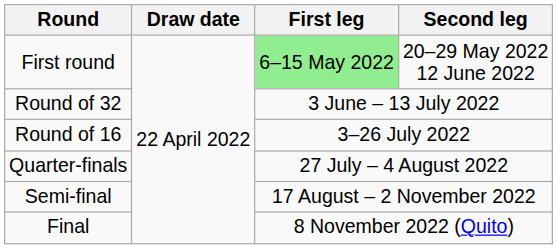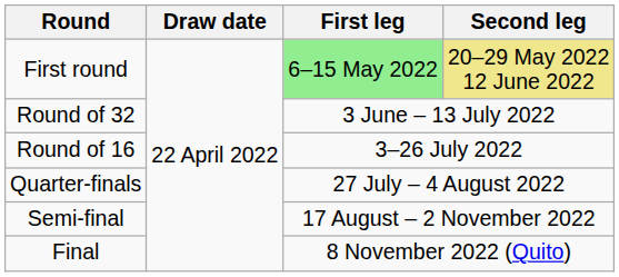 <table class="wikitable" style="text-align:center">
 <tr>
 <th>Round</th>
 <th>Draw date</th>
 <th>First leg</th>
 <th>Second leg</th>
 </tr>
 <tr>
 <td>First round</td>
 <td rowspan=6>22 April 2022</td>
 <td style="background: lightgreen;">6–15 May 2022</td>
-<td>20–29 May 2022<br>12 June 2022</td>
+<td style="background: khaki;">20–29 May 2022<br>12 June 2022</td>
 </tr>
 <tr>
 <td>Round of 32</td>
 <td colspan=2>3 June – 13 July 2022</td>
 </tr>
 <tr>
 <td>Round of 16</td>
 <td colspan=2>3–26 July 2022</td>
 </tr>
 <tr>
 <td>Quarter-finals</td>
 <td colspan=2>27 July – 4 August 2022</td>
 </tr>
 <tr>
 <td>Semi-final</td>
 <td colspan=2>17 August – 2 November 2022</td>
 </tr>
 <tr>
 <td>Final</td>
 <td colspan=2>8 November 2022 (<a href='#'>Quito</a>)</td>
 </tr>
 </table>
